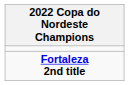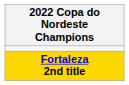 <table class="wikitable" style="text-align: center; margin: 0 auto; width: 20%">
 <tr>
 <th>2022 Copa do Nordeste<br>Champions</th>
 </tr>
 <tr>
 <td></td>
 </tr>
 <tr>
-<td><strong><a href='#'>Fortaleza</a></strong><br><strong>2nd title</strong></td>
+<td style="background: gold;"><strong><a href='#'>Fortaleza</a></strong><br><strong>2nd title</strong></td>
 </tr>
 </table>
